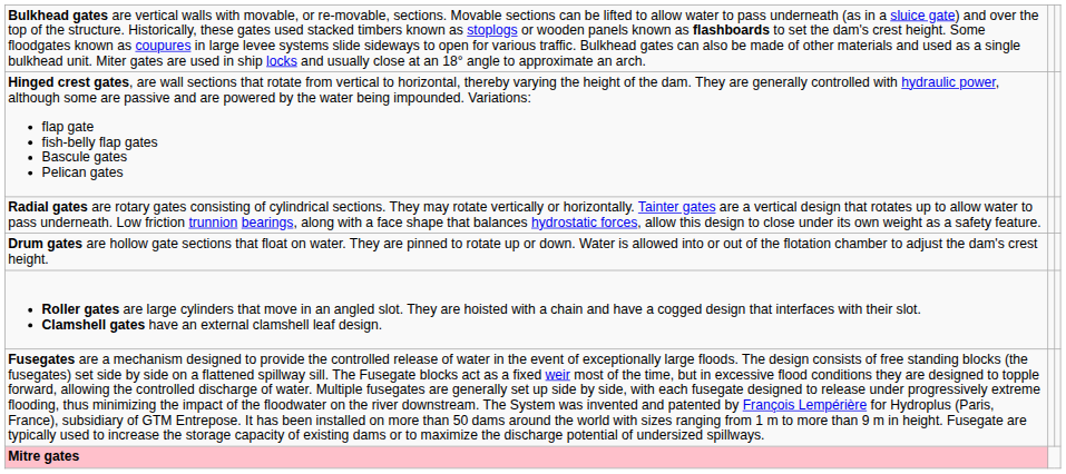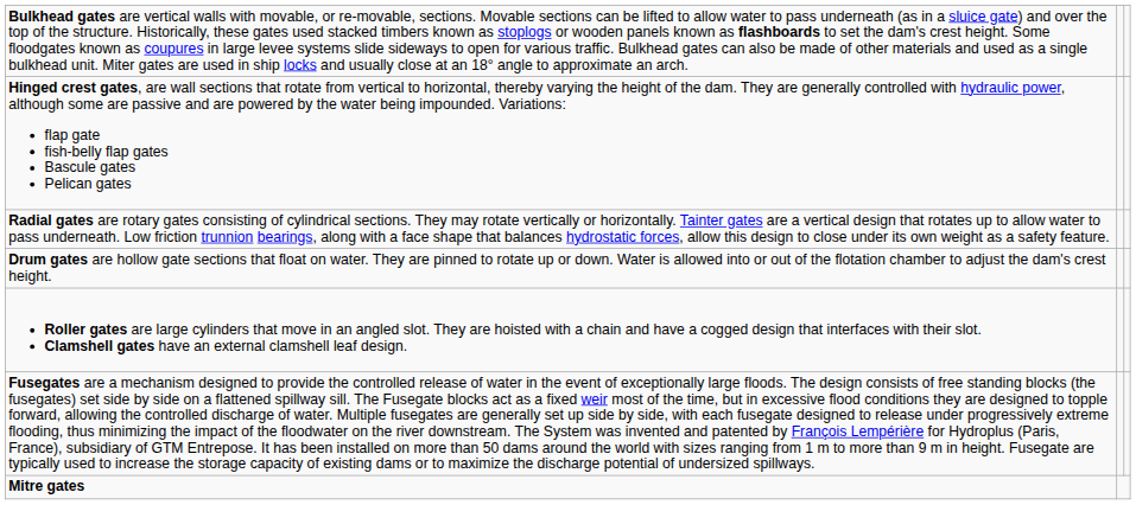 <table class="wikitable">
 <tr>
 <td><strong>Bulkhead gates</strong> are vertical walls with movable, or re-movable, sections. Movable sections can be lifted to allow water to pass underneath (as in a <a href='#'>sluice gate</a>) and over the top of the structure. Historically, these gates used stacked timbers known as <a href='#'>stoplogs</a> or wooden panels known as <strong>flashboards</strong> to set the dam's crest height. Some floodgates known as <a href='#'>coupures</a> in large levee systems slide sideways to open for various traffic.  Bulkhead gates can also be made of other materials and used as a single bulkhead unit.  Miter gates are used in ship <a href='#'>locks</a> and usually close at an 18° angle to approximate an arch.</td>
 <td></td>
 <td></td>
 </tr>
 <tr>
 <td><strong>Hinged crest gates</strong>, are wall sections that rotate from vertical to horizontal, thereby varying the height of the dam. They are generally controlled with <a href='#'>hydraulic power</a>, although some are passive and are powered by the water being impounded. Variations:<br><ul><li>flap gate</li><li>fish-belly flap gates</li><li>Bascule gates</li><li>Pelican gates</li></ul></td>
 <td></td>
 <td></td>
 </tr>
 <tr>
 <td><strong>Radial gates</strong> are rotary gates consisting of cylindrical sections. They may rotate vertically or horizontally. <a href='#'>Tainter gates</a> are a vertical design that rotates up to allow water to pass underneath.  Low friction <a href='#'>trunnion</a> <a href='#'>bearings</a>, along with a face shape that balances <a href='#'>hydrostatic forces</a>, allow this design to close under its own weight as a safety feature.</td>
 <td></td>
 <td></td>
 </tr>
 <tr>
 <td><strong>Drum gates</strong> are hollow gate sections that float on water. They are pinned to rotate up or down. Water is allowed into or out of the flotation chamber to adjust the dam's crest height.</td>
 <td></td>
 <td></td>
 </tr>
 <tr>
 <td><br><ul><li><strong>Roller gates</strong> are large cylinders that move in an angled slot. They are hoisted with a chain and have a cogged design that interfaces with their slot.</li><li><strong>Clamshell gates</strong> have an external clamshell leaf design.</li></ul></td>
 <td></td>
 <td></td>
 </tr>
 <tr>
 <td><strong>Fusegates</strong> are a mechanism designed to provide the controlled release of water in the event of exceptionally large floods. The design consists of free standing blocks (the fusegates) set side by side on a flattened spillway sill. The Fusegate blocks act as a fixed <a href='#'>weir</a> most of the time, but in excessive flood conditions they are designed to topple forward, allowing the controlled discharge of water. Multiple fusegates are generally set up side by side, with each fusegate designed to release under progressively extreme flooding, thus minimizing the impact of the floodwater on the river downstream. The System was invented and patented by <a href='#'>François Lempérière</a> for Hydroplus (Paris, France), subsidiary of GTM Entrepose. It has been installed on more than 50 dams around the world with sizes ranging from 1 m to more than 9 m in height. Fusegate are typically used to increase the storage capacity of existing dams or to maximize the discharge potential of undersized spillways.</td>
 <td></td>
 <td></td>
 </tr>
 <tr>
-<td style="background: pink;"><strong>Mitre gates</strong></td>
+<td><strong>Mitre gates</strong></td>
 </tr>
 </table>
